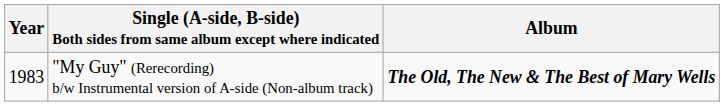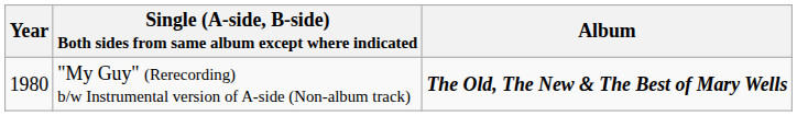 <table class="wikitable">
 <tr>
 <th scope="col">Year</th>
 <th scope="col">Single (A-side, B-side)<br><small>Both sides from same album except where indicated</small></th>
 <th scope="col">Album</th>
 </tr>
 <tr>
-<td align="center">1983</td>
+<td align="center">1980</td>
 <td align="left">"My Guy" <small>(Rerecording)</small><br><small>b/w Instrumental version of A-side (Non-album track)</small></td>
 <td align="left"><strong><em>The Old, The New & The Best of Mary Wells</em></strong></td>
 </tr>
 </table>
